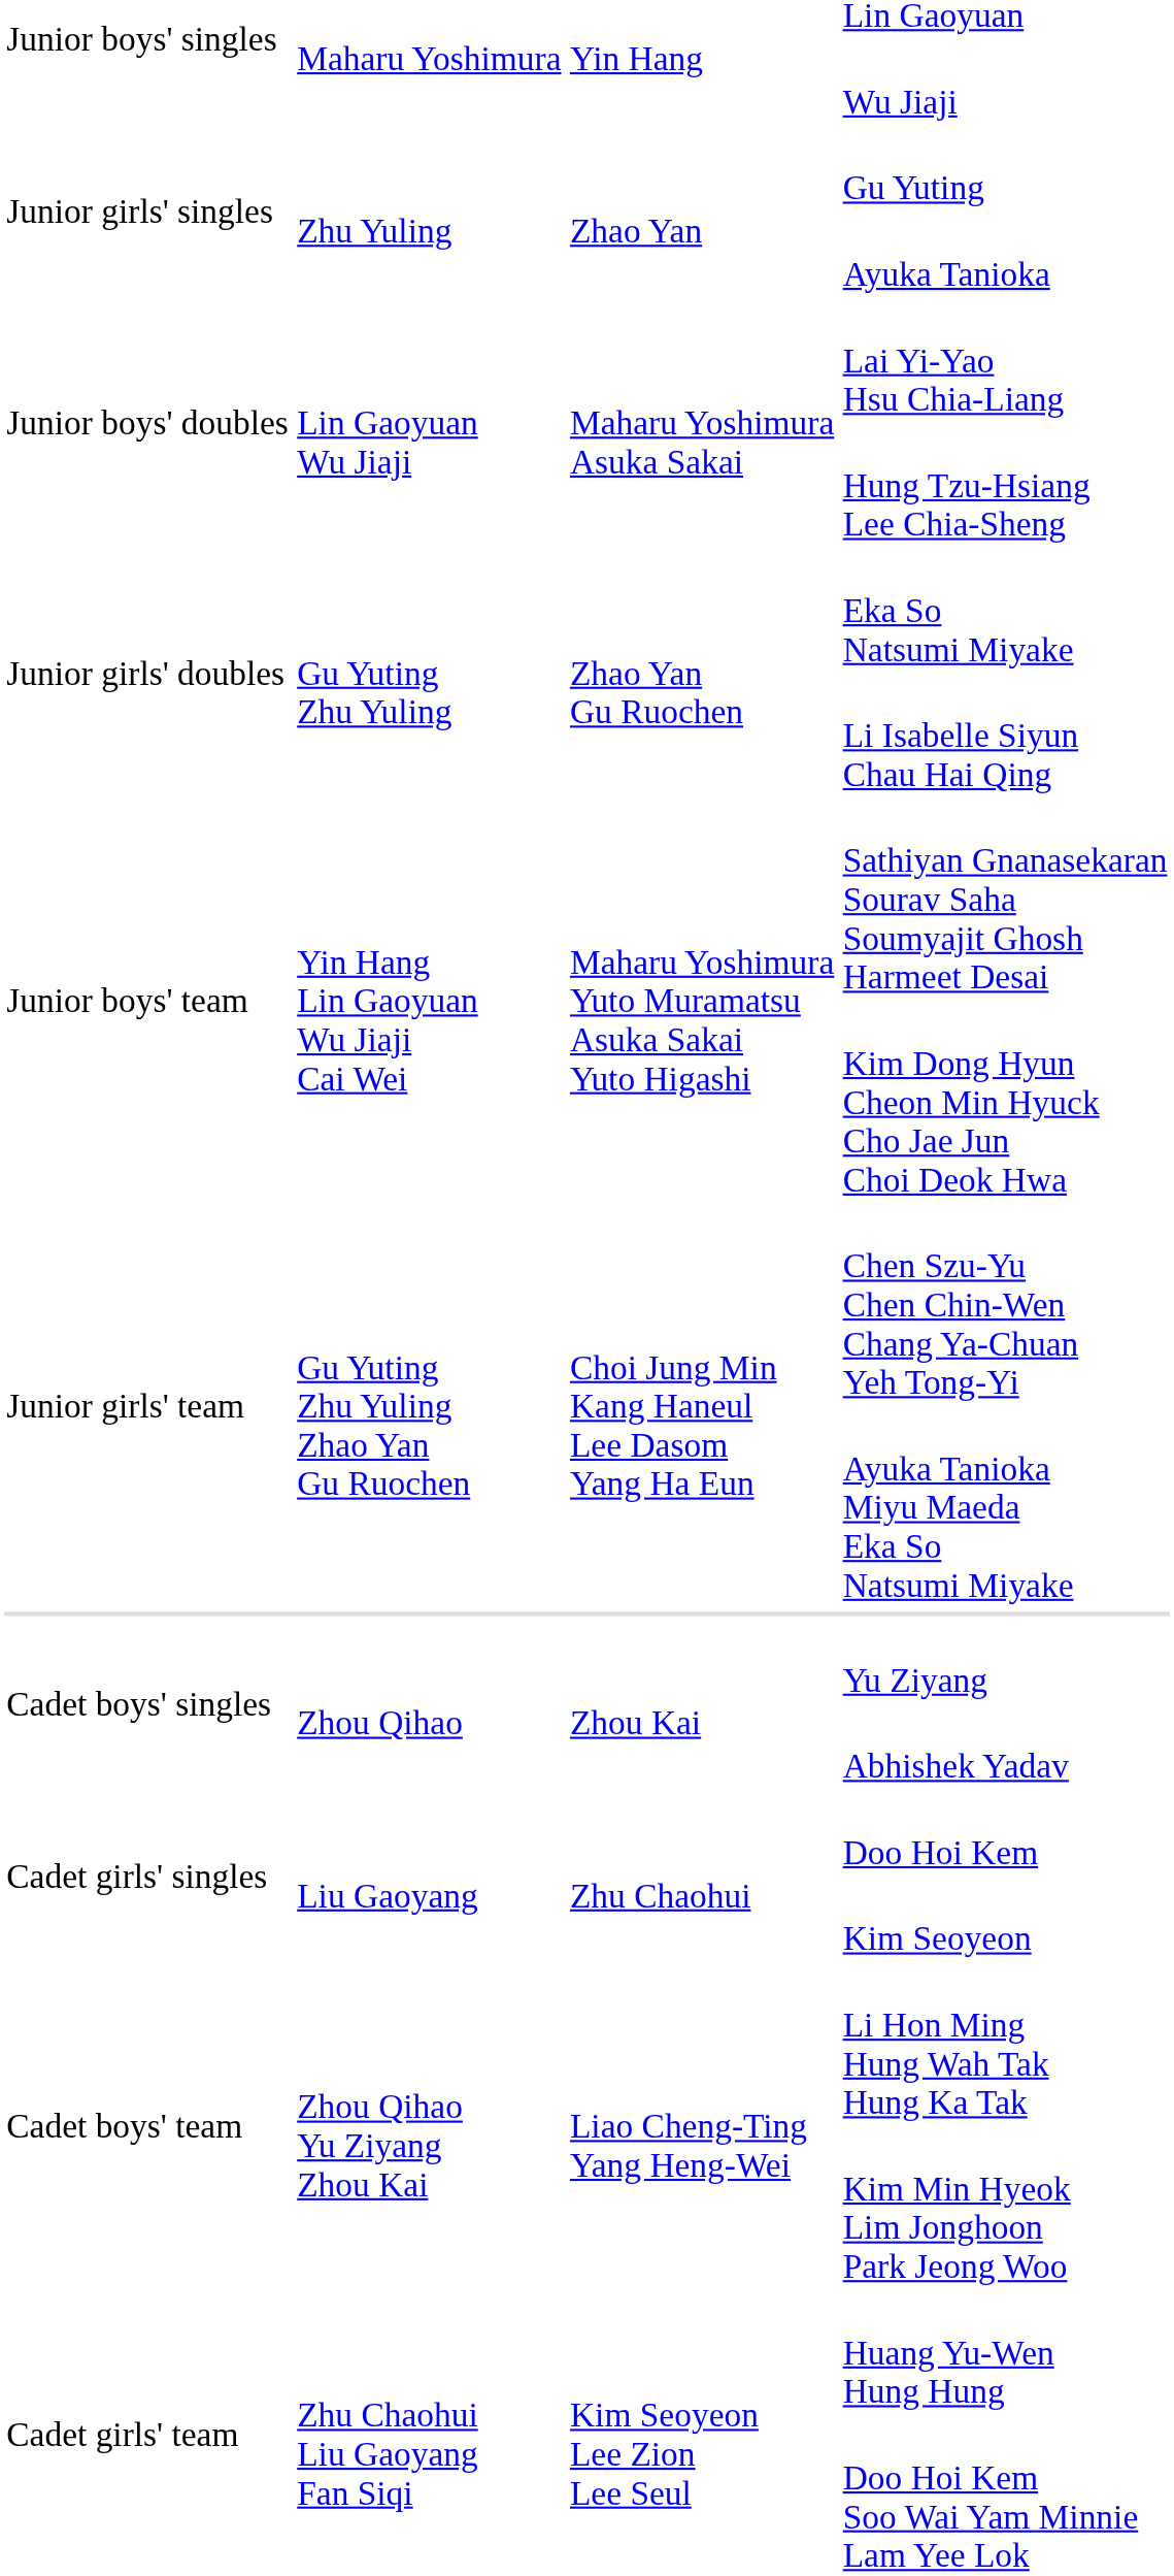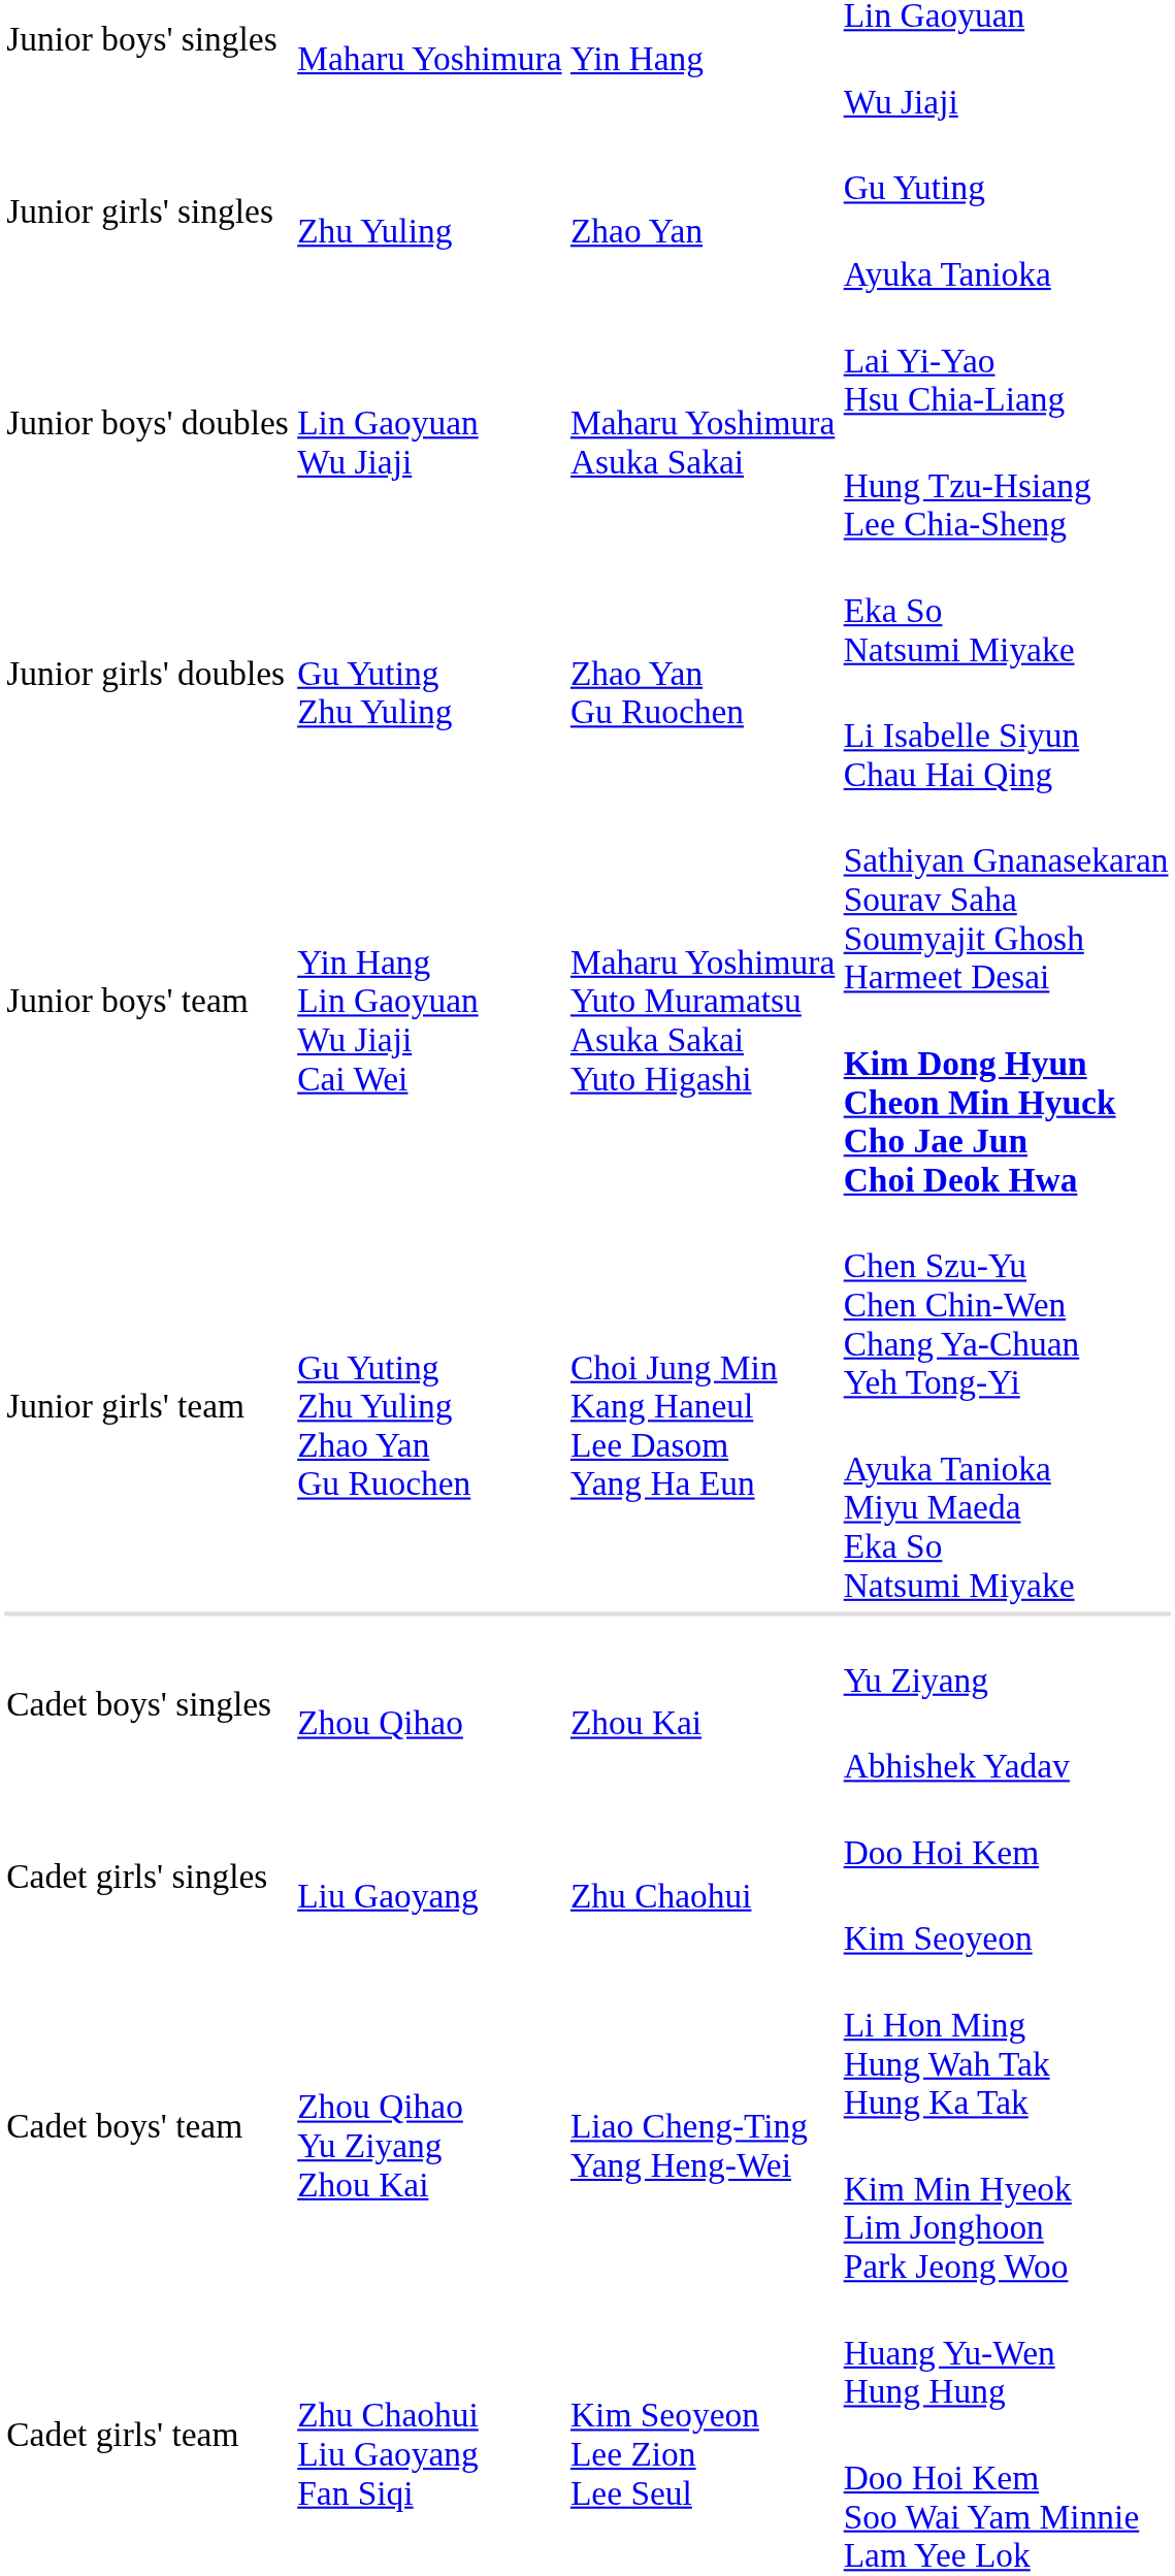 <table>
 <tr>
 <td rowspan=2>Junior boys' singles</td>
 <td rowspan=2><br><a href='#'>Maharu Yoshimura</a></td>
 <td rowspan=2><br><a href='#'>Yin Hang</a></td>
 <td><br><a href='#'>Lin Gaoyuan</a></td>
 </tr>
 <tr>
 <td><br><a href='#'>Wu Jiaji</a></td>
 </tr>
 <tr>
 <td rowspan=2>Junior girls' singles</td>
 <td rowspan=2><br><a href='#'>Zhu Yuling</a></td>
 <td rowspan=2><br><a href='#'>Zhao Yan</a></td>
 <td><br><a href='#'>Gu Yuting</a></td>
 </tr>
 <tr>
 <td><br><a href='#'>Ayuka Tanioka</a></td>
 </tr>
 <tr>
 <td rowspan=2>Junior boys' doubles</td>
 <td rowspan=2><br><a href='#'>Lin Gaoyuan</a><br><a href='#'>Wu Jiaji</a></td>
 <td rowspan=2><br><a href='#'>Maharu Yoshimura</a><br><a href='#'>Asuka Sakai</a></td>
 <td><br><a href='#'>Lai Yi-Yao</a><br><a href='#'>Hsu Chia-Liang</a></td>
 </tr>
 <tr>
 <td><br><a href='#'>Hung Tzu-Hsiang</a><br><a href='#'>Lee Chia-Sheng</a></td>
 </tr>
 <tr>
 <td rowspan=2>Junior girls' doubles</td>
 <td rowspan=2><br><a href='#'>Gu Yuting</a><br><a href='#'>Zhu Yuling</a></td>
 <td rowspan=2><br><a href='#'>Zhao Yan</a><br><a href='#'>Gu Ruochen</a></td>
 <td><br><a href='#'>Eka So</a><br><a href='#'>Natsumi Miyake</a></td>
 </tr>
 <tr>
 <td><br><a href='#'>Li Isabelle Siyun</a><br><a href='#'>Chau Hai Qing</a></td>
 </tr>
 <tr>
 <td rowspan=2>Junior boys' team</td>
 <td rowspan=2><br><a href='#'>Yin Hang</a><br><a href='#'>Lin Gaoyuan</a><br><a href='#'>Wu Jiaji</a><br><a href='#'>Cai Wei</a></td>
 <td rowspan=2><br><a href='#'>Maharu Yoshimura</a><br><a href='#'>Yuto Muramatsu</a><br><a href='#'>Asuka Sakai</a><br><a href='#'>Yuto Higashi</a></td>
 <td><br><a href='#'>Sathiyan Gnanasekaran</a><br><a href='#'>Sourav Saha</a><br><a href='#'>Soumyajit Ghosh</a><br><a href='#'>Harmeet Desai</a></td>
 </tr>
 <tr>
-<td><br><a href='#'>Kim Dong Hyun</a><br><a href='#'>Cheon Min Hyuck</a><br><a href='#'>Cho Jae Jun</a><br><a href='#'>Choi Deok Hwa</a></td>
+<td><strong><br><a href='#'>Kim Dong Hyun</a><br><a href='#'>Cheon Min Hyuck</a><br><a href='#'>Cho Jae Jun</a><br><a href='#'>Choi Deok Hwa</a></strong></td>
 </tr>
 <tr>
 <td rowspan=2>Junior girls' team</td>
 <td rowspan=2><br><a href='#'>Gu Yuting</a><br><a href='#'>Zhu Yuling</a><br><a href='#'>Zhao Yan</a><br><a href='#'>Gu Ruochen</a></td>
 <td rowspan=2><br><a href='#'>Choi Jung Min</a><br><a href='#'>Kang Haneul</a><br><a href='#'>Lee Dasom</a><br><a href='#'>Yang Ha Eun</a></td>
 <td><br><a href='#'>Chen Szu-Yu</a><br><a href='#'>Chen Chin-Wen</a><br><a href='#'>Chang Ya-Chuan</a><br><a href='#'>Yeh Tong-Yi</a></td>
 </tr>
 <tr>
 <td><br><a href='#'>Ayuka Tanioka</a><br><a href='#'>Miyu Maeda</a><br><a href='#'>Eka So</a><br><a href='#'>Natsumi Miyake</a></td>
 </tr>
 <tr style="background:#dddddd;">
 <td colspan=7></td>
 </tr>
 <tr>
 <td rowspan=2>Cadet boys' singles</td>
 <td rowspan=2><br><a href='#'>Zhou Qihao</a></td>
 <td rowspan=2><br><a href='#'>Zhou Kai</a></td>
 <td><br><a href='#'>Yu Ziyang</a></td>
 </tr>
 <tr>
 <td><br><a href='#'>Abhishek Yadav</a></td>
 </tr>
 <tr>
 <td rowspan=2>Cadet girls' singles</td>
 <td rowspan=2><br><a href='#'>Liu Gaoyang</a></td>
 <td rowspan=2><br><a href='#'>Zhu Chaohui</a></td>
 <td><br><a href='#'>Doo Hoi Kem</a></td>
 </tr>
 <tr>
 <td><br><a href='#'>Kim Seoyeon</a></td>
 </tr>
 <tr>
 <td rowspan=2>Cadet boys' team</td>
 <td rowspan=2><br><a href='#'>Zhou Qihao</a><br><a href='#'>Yu Ziyang</a><br><a href='#'>Zhou Kai</a></td>
 <td rowspan=2><br><a href='#'>Liao Cheng-Ting</a><br><a href='#'>Yang Heng-Wei</a></td>
 <td><br><a href='#'>Li Hon Ming</a><br><a href='#'>Hung Wah Tak</a><br><a href='#'>Hung Ka Tak</a></td>
 </tr>
 <tr>
 <td><br><a href='#'>Kim Min Hyeok</a><br><a href='#'>Lim Jonghoon</a><br><a href='#'>Park Jeong Woo</a></td>
 </tr>
 <tr>
 <td rowspan=2>Cadet girls' team</td>
 <td rowspan=2><br><a href='#'>Zhu Chaohui</a><br><a href='#'>Liu Gaoyang</a><br><a href='#'>Fan Siqi</a></td>
 <td rowspan=2><br><a href='#'>Kim Seoyeon</a><br><a href='#'>Lee Zion</a><br><a href='#'>Lee Seul</a></td>
 <td><br><a href='#'>Huang Yu-Wen</a><br><a href='#'>Hung Hung</a></td>
 </tr>
 <tr>
 <td><br><a href='#'>Doo Hoi Kem</a><br><a href='#'>Soo Wai Yam Minnie</a><br><a href='#'>Lam Yee Lok</a></td>
 </tr>
 </table>
